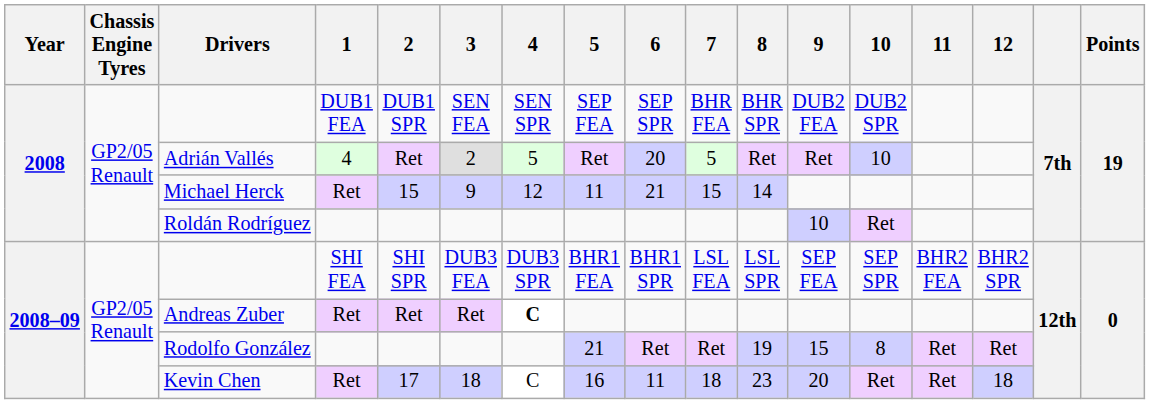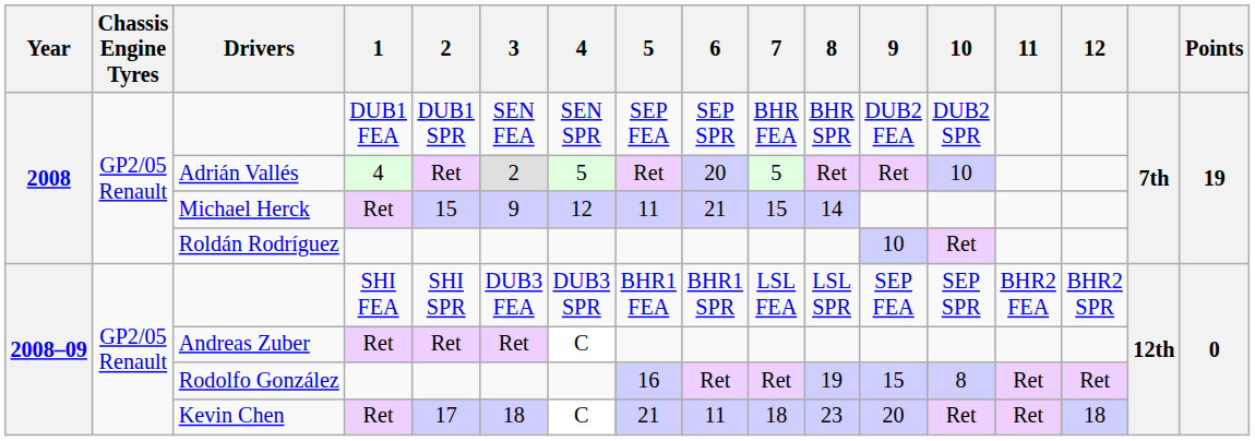 <table class="wikitable" style="text-align:center; font-size:85%;">
 <tr>
 <th>Year</th>
 <th>Chassis<br>Engine<br>Tyres</th>
 <th>Drivers</th>
 <th>1</th>
 <th>2</th>
 <th>3</th>
 <th>4</th>
 <th>5</th>
 <th>6</th>
 <th>7</th>
 <th>8</th>
 <th>9</th>
 <th>10</th>
 <th>11</th>
 <th>12</th>
 <th></th>
 <th>Points</th>
 </tr>
 <tr>
 <th rowspan=4><a href='#'>2008</a></th>
 <td rowspan=4><a href='#'>GP2/05</a><br><a href='#'>Renault</a><br></td>
 <td></td>
 <td><a href='#'>DUB1<br>FEA</a></td>
 <td><a href='#'>DUB1<br>SPR</a></td>
 <td><a href='#'>SEN<br>FEA</a></td>
 <td><a href='#'>SEN<br>SPR</a></td>
 <td><a href='#'>SEP<br>FEA</a></td>
 <td><a href='#'>SEP<br>SPR</a></td>
 <td><a href='#'>BHR<br>FEA</a></td>
 <td><a href='#'>BHR<br>SPR</a></td>
 <td><a href='#'>DUB2<br>FEA</a></td>
 <td><a href='#'>DUB2<br>SPR</a></td>
 <td></td>
 <td></td>
 <th rowspan=4>7th</th>
 <th rowspan=4>19</th>
 </tr>
 <tr>
 <td align=left> <a href='#'>Adrián Vallés</a></td>
 <td bgcolor="#DFFFDF">4</td>
 <td bgcolor="#EFCFFF">Ret</td>
 <td bgcolor="#DFDFDF">2</td>
 <td bgcolor="#DFFFDF">5</td>
 <td bgcolor="#EFCFFF">Ret</td>
 <td bgcolor="#CFCFFF">20</td>
 <td bgcolor="#DFFFDF">5</td>
 <td bgcolor="#EFCFFF">Ret</td>
 <td bgcolor="#EFCFFF">Ret</td>
 <td bgcolor="#CFCFFF">10</td>
 <td></td>
 <td></td>
 </tr>
 <tr>
 <td align=left> <a href='#'>Michael Herck</a></td>
 <td bgcolor="#EFCFFF">Ret</td>
 <td bgcolor="#CFCFFF">15</td>
 <td bgcolor="#CFCFFF">9</td>
 <td bgcolor="#CFCFFF">12</td>
 <td bgcolor="#CFCFFF">11</td>
 <td bgcolor="#CFCFFF">21</td>
 <td bgcolor="#CFCFFF">15</td>
 <td bgcolor="#CFCFFF">14</td>
 <td></td>
 <td></td>
 <td></td>
 <td></td>
 </tr>
 <tr>
 <td align=left> <a href='#'>Roldán Rodríguez</a></td>
 <td></td>
 <td></td>
 <td></td>
 <td></td>
 <td></td>
 <td></td>
 <td></td>
 <td></td>
 <td bgcolor="#CFCFFF">10</td>
 <td bgcolor="#EFCFFF">Ret</td>
 <td></td>
 <td></td>
 </tr>
 <tr>
 <th rowspan=4><a href='#'>2008–09</a></th>
 <td rowspan=4><a href='#'>GP2/05</a><br><a href='#'>Renault</a><br></td>
 <td></td>
 <td><a href='#'>SHI<br>FEA</a></td>
 <td><a href='#'>SHI<br>SPR</a></td>
 <td><a href='#'>DUB3<br>FEA</a></td>
 <td><a href='#'>DUB3<br>SPR</a></td>
 <td><a href='#'>BHR1<br>FEA</a></td>
 <td><a href='#'>BHR1<br>SPR</a></td>
 <td><a href='#'>LSL<br>FEA</a></td>
 <td><a href='#'>LSL<br>SPR</a></td>
 <td><a href='#'>SEP<br>FEA</a></td>
 <td><a href='#'>SEP<br>SPR</a></td>
 <td><a href='#'>BHR2<br>FEA</a></td>
 <td><a href='#'>BHR2<br>SPR</a></td>
 <th rowspan=4>12th</th>
 <th rowspan=4>0</th>
 </tr>
 <tr>
 <td align=left> <a href='#'>Andreas Zuber</a></td>
 <td bgcolor="#EFCFFF">Ret</td>
 <td bgcolor="#EFCFFF">Ret</td>
 <td bgcolor="#EFCFFF">Ret</td>
-<td style="background:#FFFFFF;"><strong>C</strong></td>
+<td style="background:#FFFFFF;">C</td>
 <td></td>
 <td></td>
 <td></td>
 <td></td>
 <td></td>
 <td></td>
 <td></td>
 <td></td>
 </tr>
 <tr>
 <td align=left> <a href='#'>Rodolfo González</a></td>
 <td></td>
 <td></td>
 <td></td>
 <td></td>
-<td bgcolor="#CFCFFF">21</td>
+<td bgcolor="#CFCFFF">16</td>
 <td bgcolor="#EFCFFF">Ret</td>
 <td bgcolor="#EFCFFF">Ret</td>
 <td bgcolor="#CFCFFF">19</td>
 <td bgcolor="#CFCFFF">15</td>
 <td bgcolor="#CFCFFF">8</td>
 <td bgcolor="#EFCFFF">Ret</td>
 <td bgcolor="#EFCFFF">Ret</td>
 </tr>
 <tr>
 <td align=left> <a href='#'>Kevin Chen</a></td>
 <td bgcolor="#EFCFFF">Ret</td>
 <td bgcolor="#CFCFFF">17</td>
 <td bgcolor="#CFCFFF">18</td>
 <td style="background:#FFFFFF;">C</td>
-<td bgcolor="#CFCFFF">16</td>
+<td bgcolor="#CFCFFF">21</td>
 <td bgcolor="#CFCFFF">11</td>
 <td bgcolor="#CFCFFF">18</td>
 <td bgcolor="#CFCFFF">23</td>
 <td bgcolor="#CFCFFF">20</td>
 <td bgcolor="#EFCFFF">Ret</td>
 <td bgcolor="#EFCFFF">Ret</td>
 <td bgcolor="#CFCFFF">18</td>
 </tr>
 </table>
